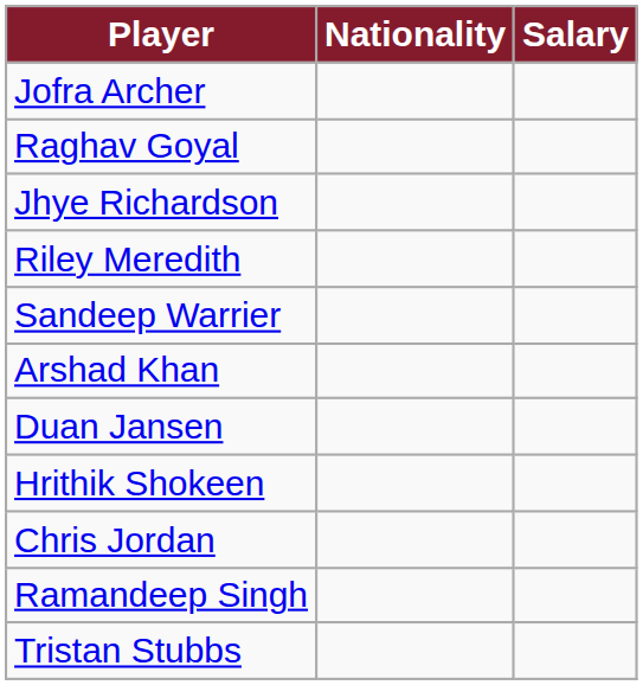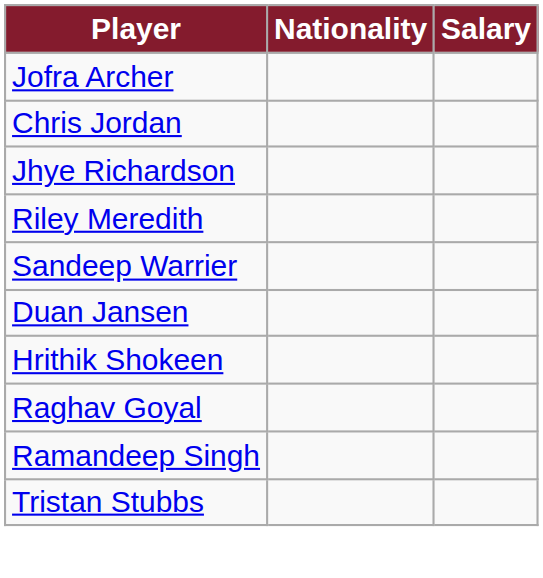 <table class="wikitable" style="font-size:90%;">
 <tr>
 <th style="background: #841B2D;color:white">Player</th>
 <th style="background: #841B2D;color:white">Nationality</th>
 <th style="background: #841B2D;color:white">Salary</th>
 </tr>
 <tr>
 <td><a href='#'>Jofra Archer</a></td>
 <td></td>
 <td></td>
 </tr>
 <tr>
-<td><a href='#'>Raghav Goyal</a></td>
+<td><a href='#'>Chris Jordan</a></td>
 <td></td>
 <td></td>
 </tr>
 <tr>
 <td><a href='#'>Jhye Richardson</a></td>
 <td></td>
 <td></td>
 </tr>
 <tr>
 <td><a href='#'>Riley Meredith</a></td>
 <td></td>
 <td></td>
 </tr>
 <tr>
 <td><a href='#'>Sandeep Warrier</a></td>
 <td></td>
 <td></td>
 </tr>
 <tr>
-<td><a href='#'>Arshad Khan</a></td>
-<td></td>
-<td></td>
-</tr>
-<tr>
 <td><a href='#'>Duan Jansen</a></td>
 <td></td>
 <td></td>
 </tr>
 <tr>
 <td><a href='#'>Hrithik Shokeen</a></td>
 <td></td>
 <td></td>
 </tr>
 <tr>
-<td><a href='#'>Chris Jordan</a></td>
+<td><a href='#'>Raghav Goyal</a></td>
 <td></td>
 <td></td>
 </tr>
 <tr>
 <td><a href='#'>Ramandeep Singh</a></td>
 <td></td>
 <td></td>
 </tr>
 <tr>
 <td><a href='#'>Tristan Stubbs</a></td>
 <td></td>
 <td></td>
 </tr>
 </table>
